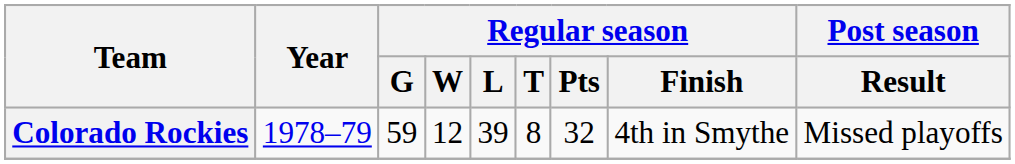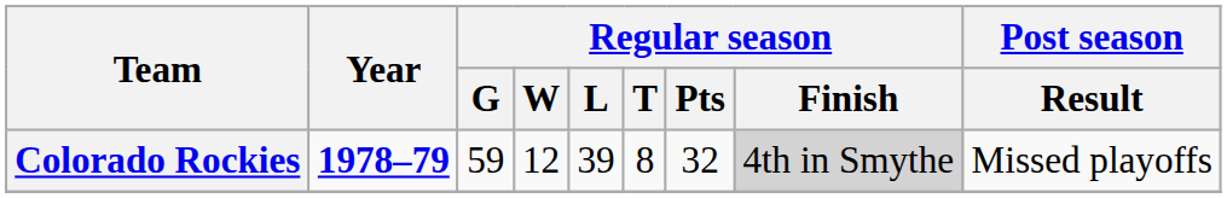 <table class="wikitable" style="font-size: 95%; text-align:center;">
 <tr>
 <th rowspan="2">Team</th>
 <th rowspan="2">Year</th>
 <th colspan="6"><a href='#'>Regular season</a></th>
 <th colspan="1"><a href='#'>Post season</a></th>
 </tr>
 <tr>
 <th>G</th>
 <th>W</th>
 <th>L</th>
 <th>T</th>
 <th>Pts</th>
 <th>Finish</th>
 <th>Result</th>
 </tr>
 <tr>
 <th><a href='#'>Colorado Rockies</a></th>
-<td><a href='#'>1978–79</a></td>
+<td><strong><a href='#'>1978–79</a></strong></td>
 <td>59</td>
 <td>12</td>
 <td>39</td>
 <td>8</td>
 <td>32</td>
-<td>4th in Smythe</td>
+<td style="background: lightgrey;">4th in Smythe</td>
 <td>Missed playoffs</td>
 </tr>
 <tr>
 </tr>
 </table>
